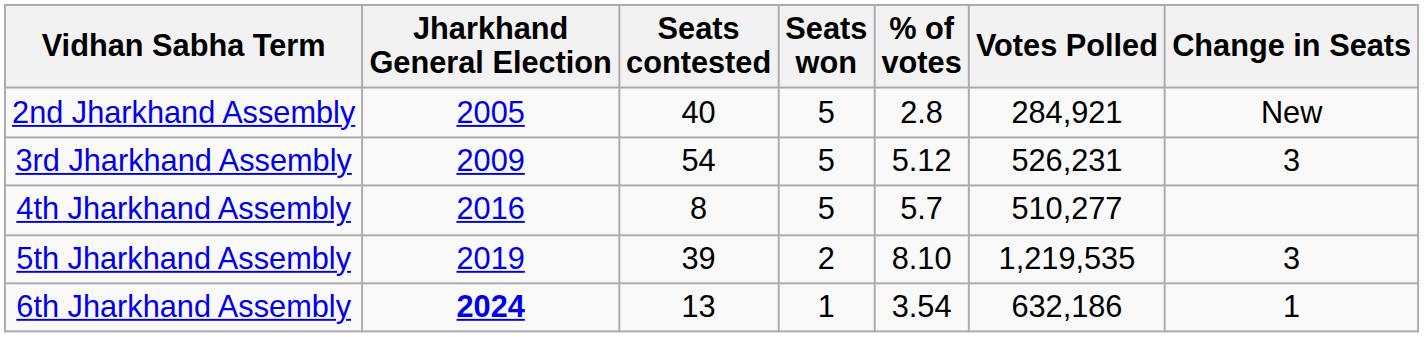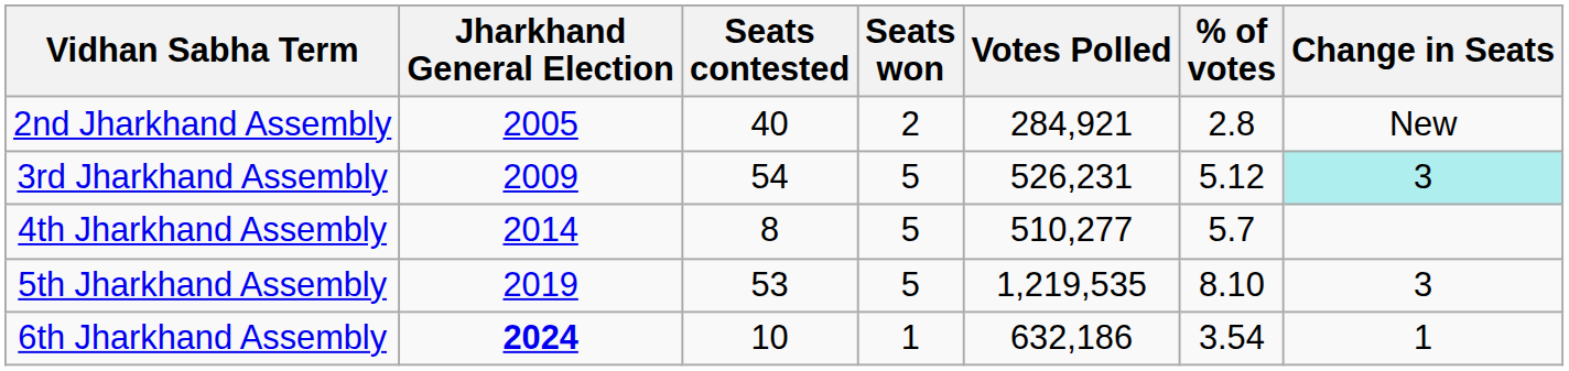 <table class="wikitable sortable" style="text-align:center;">
 <tr>
 <th Style="background-color:">Vidhan Sabha Term</th>
 <th Style="background-color:">Jharkhand<br>General Election</th>
 <th Style="background-color:">Seats<br>contested</th>
 <th Style="background-color:">Seats<br>won</th>
+<th Style="background-color:">Votes Polled</th>
 <th Style="background-color:">% of<br> votes</th>
-<th Style="background-color:">Votes Polled</th>
 <th Style="background-color:">Change in Seats</th>
 </tr>
 <tr>
 <td><a href='#'>2nd Jharkhand Assembly</a></td>
 <td><a href='#'>2005</a></td>
 <td>40</td>
-<td>5</td>
+<td>2</td>
+<td>284,921</td>
 <td>2.8</td>
-<td>284,921</td>
 <td> New</td>
 </tr>
 <tr>
 <td><a href='#'>3rd Jharkhand Assembly</a></td>
 <td><a href='#'>2009</a></td>
 <td>54</td>
 <td>5</td>
+<td>526,231</td>
 <td>5.12</td>
-<td>526,231</td>
-<td> 3</td>
+<td style="background: paleturquoise;"> 3</td>
 </tr>
 <tr>
 <td><a href='#'>4th Jharkhand Assembly</a></td>
-<td><a href='#'>2016</a></td>
+<td><a href='#'>2014</a></td>
 <td>8</td>
 <td>5</td>
+<td>510,277</td>
 <td>5.7</td>
-<td>510,277</td>
 <td></td>
 </tr>
 <tr>
 <td><a href='#'>5th Jharkhand Assembly</a></td>
 <td><a href='#'>2019</a></td>
-<td>39</td>
-<td>2</td>
+<td>53</td>
+<td>5</td>
+<td>1,219,535</td>
 <td>8.10</td>
-<td>1,219,535</td>
 <td> 3</td>
 </tr>
 <tr>
 <td><a href='#'>6th Jharkhand Assembly</a></td>
 <td><strong><a href='#'>2024</a></strong></td>
-<td>13</td>
+<td>10</td>
 <td>1</td>
+<td>632,186</td>
 <td>3.54</td>
-<td>632,186</td>
 <td> 1</td>
 </tr>
 </table>
